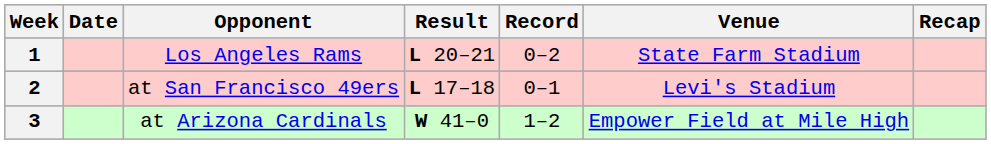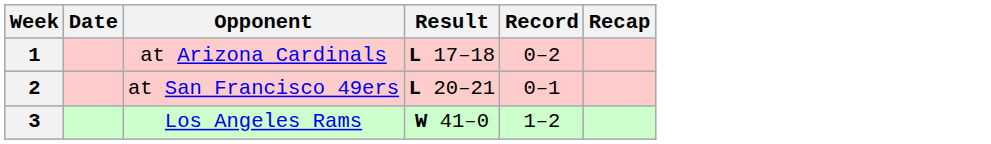 <table class="wikitable" style="text-align:center">
 <tr>
 <th>Week</th>
 <th>Date</th>
 <th>Opponent</th>
 <th>Result</th>
 <th>Record</th>
-<th>Venue</th>
 <th>Recap</th>
 </tr>
 <tr style="background:#fcc">
 <th>1</th>
 <td></td>
-<td><a href='#'>Los Angeles Rams</a></td>
-<td><strong>L</strong> 20–21</td>
+<td>at <a href='#'>Arizona Cardinals</a></td>
+<td><strong>L</strong> 17–18</td>
 <td>0–2</td>
-<td><a href='#'>State Farm Stadium</a></td>
 <td></td>
 </tr>
 <tr style="background:#fcc">
 <th>2</th>
 <td></td>
 <td>at <a href='#'>San Francisco 49ers</a></td>
-<td><strong>L</strong> 17–18</td>
+<td><strong>L</strong> 20–21</td>
 <td>0–1</td>
-<td><a href='#'>Levi's Stadium</a></td>
 <td></td>
 </tr>
 <tr style="background:#cfc">
 <th>3</th>
 <td></td>
-<td>at <a href='#'>Arizona Cardinals</a></td>
+<td><a href='#'>Los Angeles Rams</a></td>
 <td><strong>W</strong> 41–0</td>
 <td>1–2</td>
-<td><a href='#'>Empower Field at Mile High</a></td>
 <td></td>
 </tr>
 </table>
